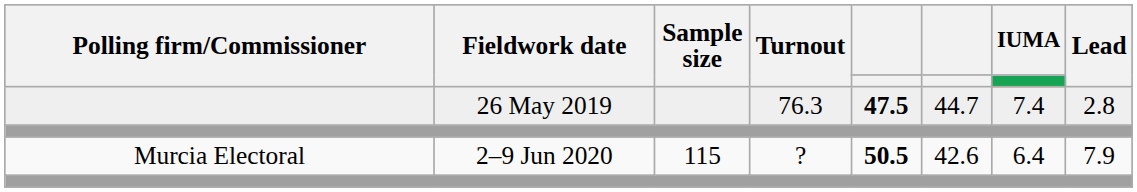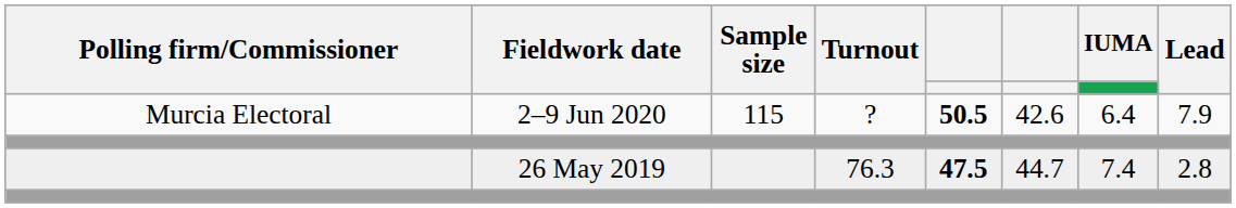 <table class="wikitable collapsible collapsed" style="text-align:center; font-size:95%; line-height:16px;">
 <tr style="height:42px;">
 <th style="width:250px;" rowspan="2">Polling firm/Commissioner</th>
 <th style="width:125px;" rowspan="2">Fieldwork date</th>
 <th style="width:50px;" rowspan="2">Sample size</th>
 <th style="width:45px;" rowspan="2">Turnout</th>
 <th style="width:35px;"></th>
 <th style="width:35px;"></th>
 <th style="width:35px; font-size:90%;">IUMA</th>
 <th style="width:30px;" rowspan="2">Lead</th>
 </tr>
 <tr>
 <th style="color:inherit;background:"></th>
 <th style="color:inherit;background:"></th>
 <th style="color:inherit;background:#18A352;"></th>
 </tr>
+<tr>
+<td>Murcia Electoral</td>
+<td>2–9 Jun 2020</td>
+<td>115</td>
+<td>?</td>
+<td><strong>50.5</strong><br></td>
+<td>42.6<br></td>
+<td>6.4<br></td>
+<td style="background:">7.9</td>
+</tr>
+<tr>
+<td colspan="8" style="background:#A0A0A0"></td>
+</tr>
 <tr style="background:#EFEFEF;">
 <td><strong></strong></td>
 <td>26 May 2019</td>
 <td></td>
 <td>76.3</td>
 <td><strong>47.5</strong><br></td>
 <td>44.7<br></td>
 <td>7.4<br></td>
 <td style="background:">2.8</td>
 </tr>
 <tr>
 <td colspan="8" style="background:#A0A0A0"></td>
 </tr>
-<tr>
-<td>Murcia Electoral</td>
-<td>2–9 Jun 2020</td>
-<td>115</td>
-<td>?</td>
-<td><strong>50.5</strong><br></td>
-<td>42.6<br></td>
-<td>6.4<br></td>
-<td style="background:">7.9</td>
-</tr>
-<tr>
-<td colspan="8" style="background:#A0A0A0"></td>
-</tr>
 </table>
